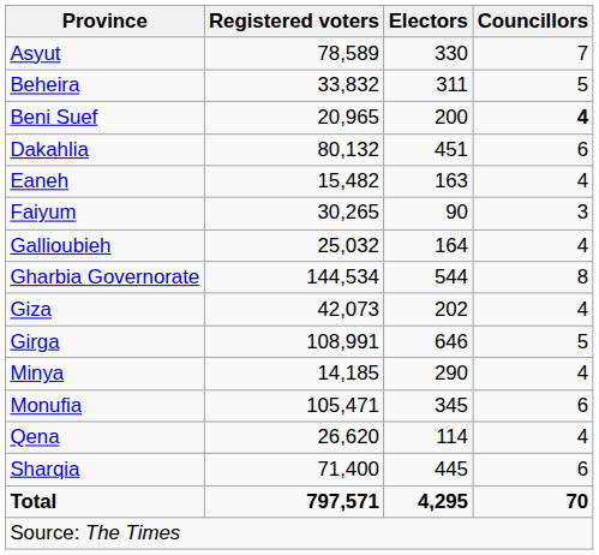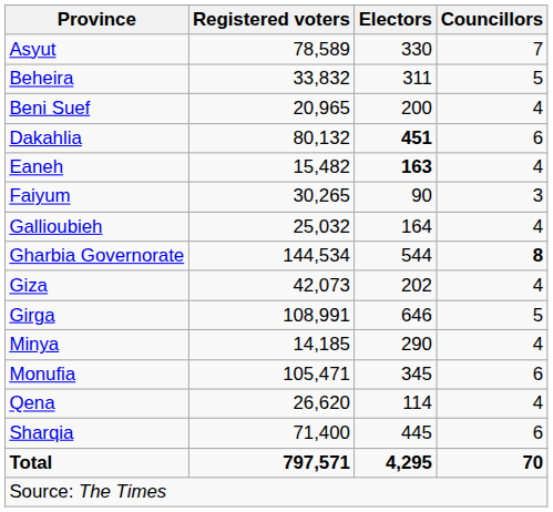 <table class=wikitable style=text-align:right>
 <tr>
 <th>Province</th>
 <th>Registered voters</th>
 <th>Electors</th>
 <th>Councillors</th>
 </tr>
 <tr>
 <td align=left><a href='#'>Asyut</a></td>
 <td>78,589</td>
 <td>330</td>
 <td>7</td>
 </tr>
 <tr>
 <td align=left><a href='#'>Beheira</a></td>
 <td>33,832</td>
 <td>311</td>
 <td>5</td>
 </tr>
 <tr>
 <td align=left><a href='#'>Beni Suef</a></td>
 <td>20,965</td>
 <td>200</td>
-<td><strong>4</strong></td>
+<td>4</td>
 </tr>
 <tr>
 <td align=left><a href='#'>Dakahlia</a></td>
 <td>80,132</td>
-<td>451</td>
+<td><strong>451</strong></td>
 <td>6</td>
 </tr>
 <tr>
 <td align=left><a href='#'>Eaneh</a></td>
 <td>15,482</td>
-<td>163</td>
+<td><strong>163</strong></td>
 <td>4</td>
 </tr>
 <tr>
 <td align=left><a href='#'>Faiyum</a></td>
 <td>30,265</td>
 <td>90</td>
 <td>3</td>
 </tr>
 <tr>
 <td align=left><a href='#'>Gallioubieh</a></td>
 <td>25,032</td>
 <td>164</td>
 <td>4</td>
 </tr>
 <tr>
 <td align=left><a href='#'>Gharbia Governorate</a></td>
 <td>144,534</td>
 <td>544</td>
-<td>8</td>
+<td><strong>8</strong></td>
 </tr>
 <tr>
 <td align=left><a href='#'>Giza</a></td>
 <td>42,073</td>
 <td>202</td>
 <td>4</td>
 </tr>
 <tr>
 <td align=left><a href='#'>Girga</a></td>
 <td>108,991</td>
 <td>646</td>
 <td>5</td>
 </tr>
 <tr>
 <td align=left><a href='#'>Minya</a></td>
 <td>14,185</td>
 <td>290</td>
 <td>4</td>
 </tr>
 <tr>
 <td align=left><a href='#'>Monufia</a></td>
 <td>105,471</td>
 <td>345</td>
 <td>6</td>
 </tr>
 <tr>
 <td align=left><a href='#'>Qena</a></td>
 <td>26,620</td>
 <td>114</td>
 <td>4</td>
 </tr>
 <tr>
 <td align=left><a href='#'>Sharqia</a></td>
 <td>71,400</td>
 <td>445</td>
 <td>6</td>
 </tr>
 <tr>
 <td align=left><strong>Total</strong></td>
 <td><strong>797,571</strong></td>
 <td><strong>4,295</strong></td>
 <td><strong>70</strong></td>
 </tr>
 <tr>
 <td align=left colspan=4>Source: <em>The Times</em></td>
 </tr>
 </table>
